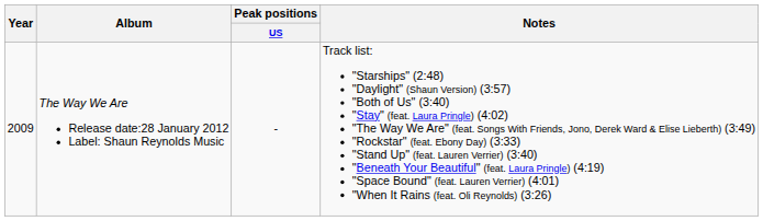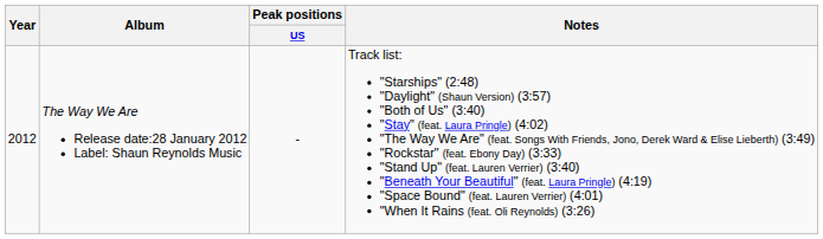 <table class="wikitable">
 <tr>
 <th align="center" rowspan="2">Year</th>
 <th align="center" rowspan="2">Album</th>
 <th align="center" colspan="1">Peak positions</th>
 <th align="center" rowspan="2">Notes</th>
 </tr>
 <tr>
 <th><small><a href='#'>US</a></small></th>
 </tr>
 <tr>
-<td>2009</td>
+<td>2012</td>
 <td><em>The Way We Are</em><br><ul><li>Release date:28 January 2012</li><li>Label: Shaun Reynolds Music</li></ul></td>
 <td style="text-align:center;">-</td>
 <td>Track list:<br><ul><li>"Starships" (2:48)</li><li>"Daylight" <small>(Shaun Version)</small> (3:57)</li><li>"Both of Us" (3:40)</li><li>"<a href='#'>Stay</a>" <small>(feat. <a href='#'>Laura Pringle</a>)</small> (4:02)</li><li>"The Way We Are" <small>(feat. Songs With Friends, Jono, Derek Ward & Elise Lieberth)</small> (3:49)</li><li>"Rockstar" <small>(feat. Ebony Day)</small> (3:33)</li><li>"Stand Up" <small>(feat. Lauren Verrier)</small> (3:40)</li><li>"<a href='#'>Beneath Your Beautiful</a>" <small>(feat. <a href='#'>Laura Pringle</a>)</small> (4:19)</li><li>"Space Bound" <small>(feat. Lauren Verrier)</small> (4:01)</li><li>"When It Rains <small>(feat. Oli Reynolds)</small> (3:26)</li></ul></td>
 </tr>
 </table>
